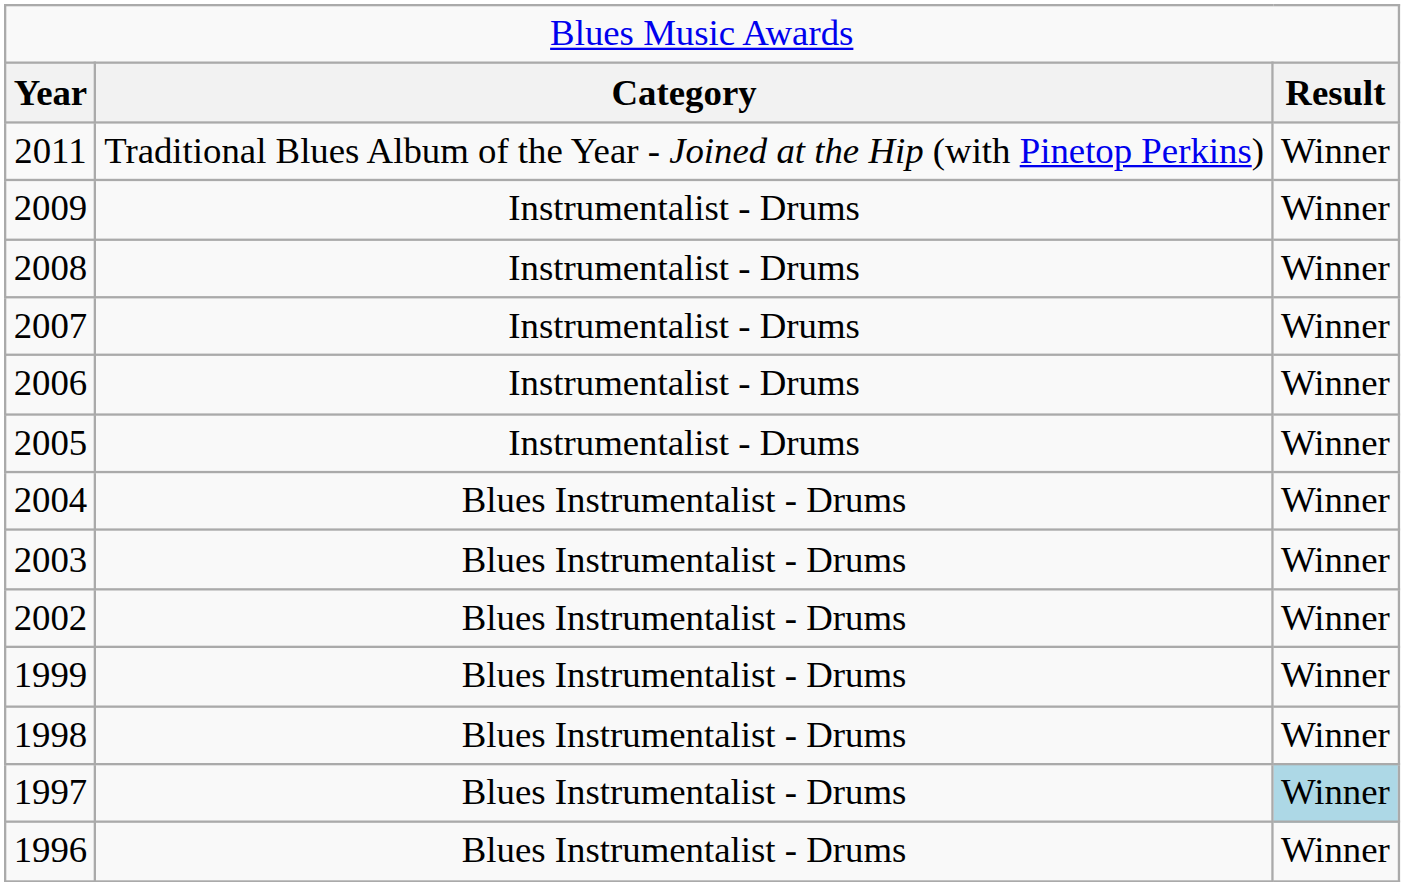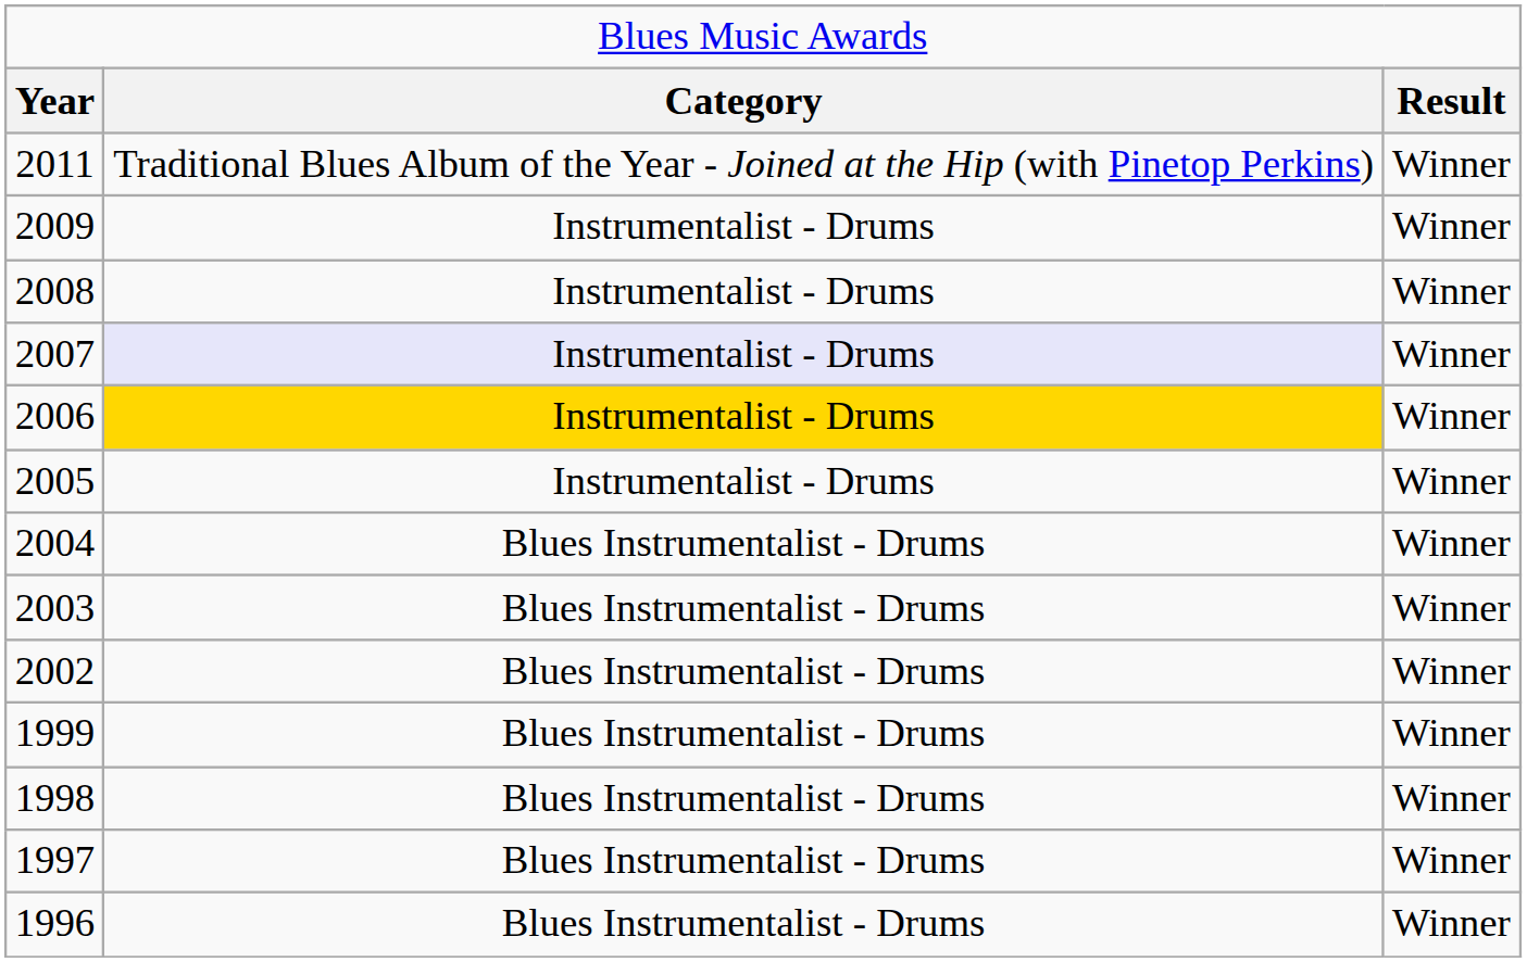 <table class=wikitable>
 <tr>
 <td colspan="5" style="text-align:center;"><a href='#'>Blues Music Awards</a></td>
 </tr>
 <tr>
 <th>Year</th>
 <th>Category</th>
 <th>Result</th>
 </tr>
 <tr align=center>
 <td>2011</td>
 <td>Traditional Blues Album of the Year - <em>Joined at the Hip</em> (with <a href='#'>Pinetop Perkins</a>)</td>
 <td>Winner</td>
 </tr>
 <tr align=center>
 <td>2009</td>
 <td>Instrumentalist - Drums</td>
 <td>Winner</td>
 </tr>
 <tr align=center>
 <td>2008</td>
 <td>Instrumentalist - Drums</td>
 <td>Winner</td>
 </tr>
 <tr align=center>
 <td>2007</td>
-<td>Instrumentalist - Drums</td>
+<td style="background: lavender;">Instrumentalist - Drums</td>
 <td>Winner</td>
 </tr>
 <tr align=center>
 <td>2006</td>
-<td>Instrumentalist - Drums</td>
+<td style="background: gold;">Instrumentalist - Drums</td>
 <td>Winner</td>
 </tr>
 <tr align=center>
 <td>2005</td>
 <td>Instrumentalist - Drums</td>
 <td>Winner</td>
 </tr>
 <tr align=center>
 <td>2004</td>
 <td>Blues Instrumentalist - Drums</td>
 <td>Winner</td>
 </tr>
 <tr align=center>
 <td>2003</td>
 <td>Blues Instrumentalist - Drums</td>
 <td>Winner</td>
 </tr>
 <tr align=center>
 <td>2002</td>
 <td>Blues Instrumentalist - Drums</td>
 <td>Winner</td>
 </tr>
 <tr align=center>
 <td>1999</td>
 <td>Blues Instrumentalist - Drums</td>
 <td>Winner</td>
 </tr>
 <tr align=center>
 <td>1998</td>
 <td>Blues Instrumentalist - Drums</td>
 <td>Winner</td>
 </tr>
 <tr align=center>
 <td>1997</td>
 <td>Blues Instrumentalist - Drums</td>
-<td style="background: lightblue;">Winner</td>
+<td>Winner</td>
 </tr>
 <tr align=center>
 <td>1996</td>
 <td>Blues Instrumentalist - Drums</td>
 <td>Winner</td>
 </tr>
 </table>
